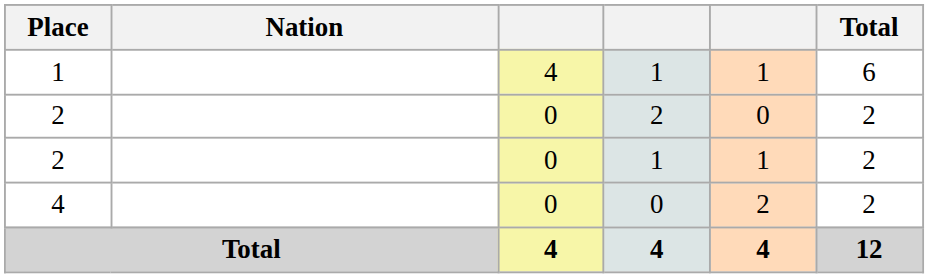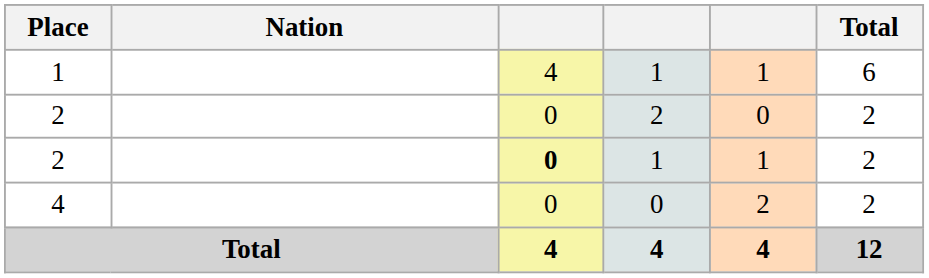 <table class=wikitable style="border:1px solid #AAAAAA;font-size:90%">
 <tr bgcolor="#EFEFEF">
 <th width=50>Place</th>
 <th width=200>Nation</th>
 <th width=50></th>
 <th width=50></th>
 <th width=50></th>
 <th width=50>Total</th>
 </tr>
 <tr align="center" valign="top" bgcolor="#FFFFFF">
 <td>1</td>
 <td align="left"></td>
 <td style="background:#F7F6A8;">4</td>
 <td style="background:#DCE5E5;">1</td>
 <td style="background:#FFDAB9;">1</td>
 <td>6</td>
 </tr>
 <tr align="center" valign="top" bgcolor="#FFFFFF">
 <td>2</td>
 <td align="left"></td>
 <td style="background:#F7F6A8;">0</td>
 <td style="background:#DCE5E5;">2</td>
 <td style="background:#FFDAB9;">0</td>
 <td>2</td>
 </tr>
 <tr align="center" valign="top" bgcolor="#FFFFFF">
 <td>2</td>
 <td align="left"></td>
-<td style="background:#F7F6A8;">0</td>
+<td style="background:#F7F6A8;"><strong>0</strong></td>
 <td style="background:#DCE5E5;">1</td>
 <td style="background:#FFDAB9;">1</td>
 <td>2</td>
 </tr>
 <tr align="center" valign="top" bgcolor="#FFFFFF">
 <td>4</td>
 <td align="left"></td>
 <td style="background:#F7F6A8;">0</td>
 <td style="background:#DCE5E5;">0</td>
 <td style="background:#FFDAB9;">2</td>
 <td>2</td>
 </tr>
 <tr align="center">
 <td colspan="2" bgcolor=D3D3D3><strong>Total</strong></td>
 <td style="background:#F7F6A8;"><strong>4</strong></td>
 <td style="background:#DCE5E5;"><strong>4</strong></td>
 <td style="background:#FFDAB9;"><strong>4</strong></td>
 <td bgcolor=D3D3D3><strong>12</strong></td>
 </tr>
 </table>
